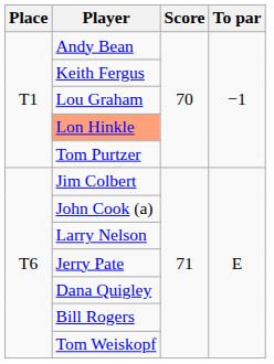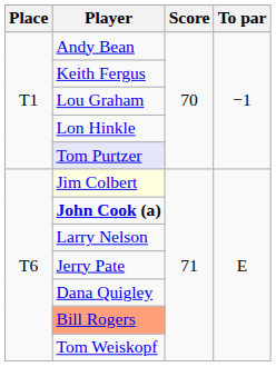 <table class="wikitable">
 <tr>
 <th>Place</th>
 <th>Player</th>
 <th>Score</th>
 <th>To par</th>
 </tr>
 <tr>
 <td rowspan="5" align=center>T1</td>
 <td> <a href='#'>Andy Bean</a></td>
 <td rowspan="5" align=center>70</td>
 <td rowspan="5" align=center>−1</td>
 </tr>
 <tr>
 <td> <a href='#'>Keith Fergus</a></td>
 </tr>
 <tr>
 <td> <a href='#'>Lou Graham</a></td>
 </tr>
 <tr>
-<td style="background: lightsalmon;"> <a href='#'>Lon Hinkle</a></td>
+<td> <a href='#'>Lon Hinkle</a></td>
 </tr>
 <tr>
-<td> <a href='#'>Tom Purtzer</a></td>
+<td style="background: lavender;"> <a href='#'>Tom Purtzer</a></td>
 </tr>
 <tr>
 <td rowspan="7" align=center>T6</td>
-<td> <a href='#'>Jim Colbert</a></td>
+<td style="background: lightyellow;"> <a href='#'>Jim Colbert</a></td>
 <td rowspan="7" align=center>71</td>
 <td rowspan="7" align=center>E</td>
 </tr>
 <tr>
-<td> <a href='#'>John Cook</a> (a)</td>
+<td><strong> <a href='#'>John Cook</a> (a)</strong></td>
 </tr>
 <tr>
 <td> <a href='#'>Larry Nelson</a></td>
 </tr>
 <tr>
 <td> <a href='#'>Jerry Pate</a></td>
 </tr>
 <tr>
 <td> <a href='#'>Dana Quigley</a></td>
 </tr>
 <tr>
-<td> <a href='#'>Bill Rogers</a></td>
+<td style="background: lightsalmon;"> <a href='#'>Bill Rogers</a></td>
 </tr>
 <tr>
 <td> <a href='#'>Tom Weiskopf</a></td>
 </tr>
 </table>
